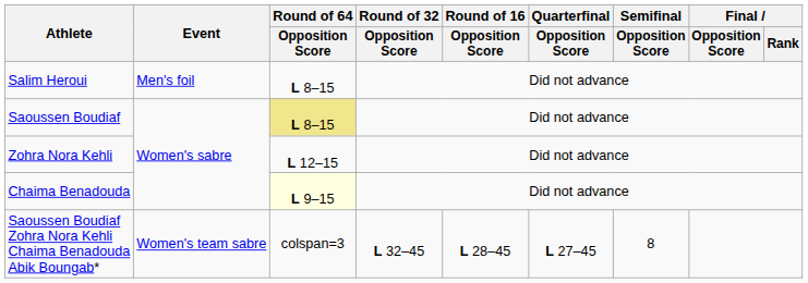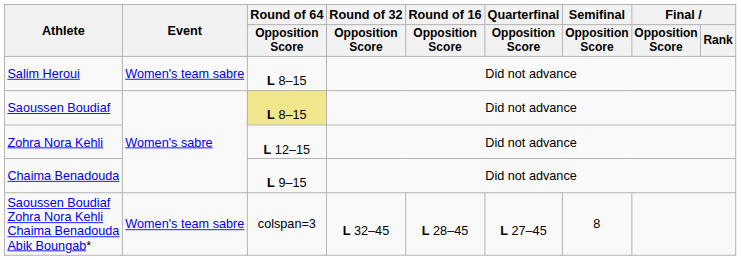 <table class="wikitable" style="font-size:90%">
 <tr>
 <th rowspan="2">Athlete</th>
 <th rowspan="2">Event</th>
 <th>Round of 64</th>
 <th>Round of 32</th>
 <th>Round of 16</th>
 <th>Quarterfinal</th>
 <th>Semifinal</th>
 <th colspan=2>Final / </th>
 </tr>
 <tr style="font-size:95%">
 <th>Opposition <br> Score</th>
 <th>Opposition <br> Score</th>
 <th>Opposition <br> Score</th>
 <th>Opposition <br> Score</th>
 <th>Opposition <br> Score</th>
 <th>Opposition <br> Score</th>
 <th>Rank</th>
 </tr>
 <tr align=center>
 <td align=left><a href='#'>Salim Heroui</a></td>
-<td align=left><a href='#'>Men's foil</a></td>
+<td align=left><a href='#'>Women's team sabre</a></td>
 <td><br><strong>L</strong> 8–15</td>
 <td colspan=6>Did not advance</td>
 </tr>
 <tr align=center>
 <td align=left><a href='#'>Saoussen Boudiaf</a></td>
 <td align=left rowspan=3><a href='#'>Women's sabre</a></td>
 <td style="background: khaki;"><br><strong>L</strong> 8–15</td>
 <td colspan=6>Did not advance</td>
 </tr>
 <tr align=center>
 <td align=left><a href='#'>Zohra Nora Kehli</a></td>
 <td><br><strong>L</strong> 12–15</td>
 <td colspan=6>Did not advance</td>
 </tr>
 <tr align=center>
 <td align=left><a href='#'>Chaima Benadouda</a></td>
-<td style="background: lightyellow;"><br><strong>L</strong> 9–15</td>
+<td><br><strong>L</strong> 9–15</td>
 <td colspan=6>Did not advance</td>
 </tr>
 <tr align=center>
 <td align=left><a href='#'>Saoussen Boudiaf</a><br><a href='#'>Zohra Nora Kehli</a><br><a href='#'>Chaima Benadouda</a><br><a href='#'>Abik Boungab</a>*</td>
 <td align=left><a href='#'>Women's team sabre</a></td>
 <td>colspan=3 </td>
 <td><br><strong>L</strong> 32–45</td>
 <td><br><strong>L</strong> 28–45</td>
 <td><br><strong>L</strong> 27–45</td>
 <td>8</td>
 </tr>
 </table>
